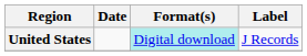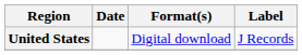 <table class="wikitable plainrowheaders">
 <tr>
 <th scope="col">Region</th>
 <th scope="col">Date</th>
 <th scope="col">Format(s)</th>
 <th scope="col">Label</th>
 </tr>
 <tr>
 <th scope="row">United States</th>
 <td></td>
-<td style="background: paleturquoise;"><a href='#'>Digital download</a></td>
+<td><a href='#'>Digital download</a></td>
 <td><a href='#'>J Records</a></td>
 </tr>
 <tr>
 </tr>
 </table>
